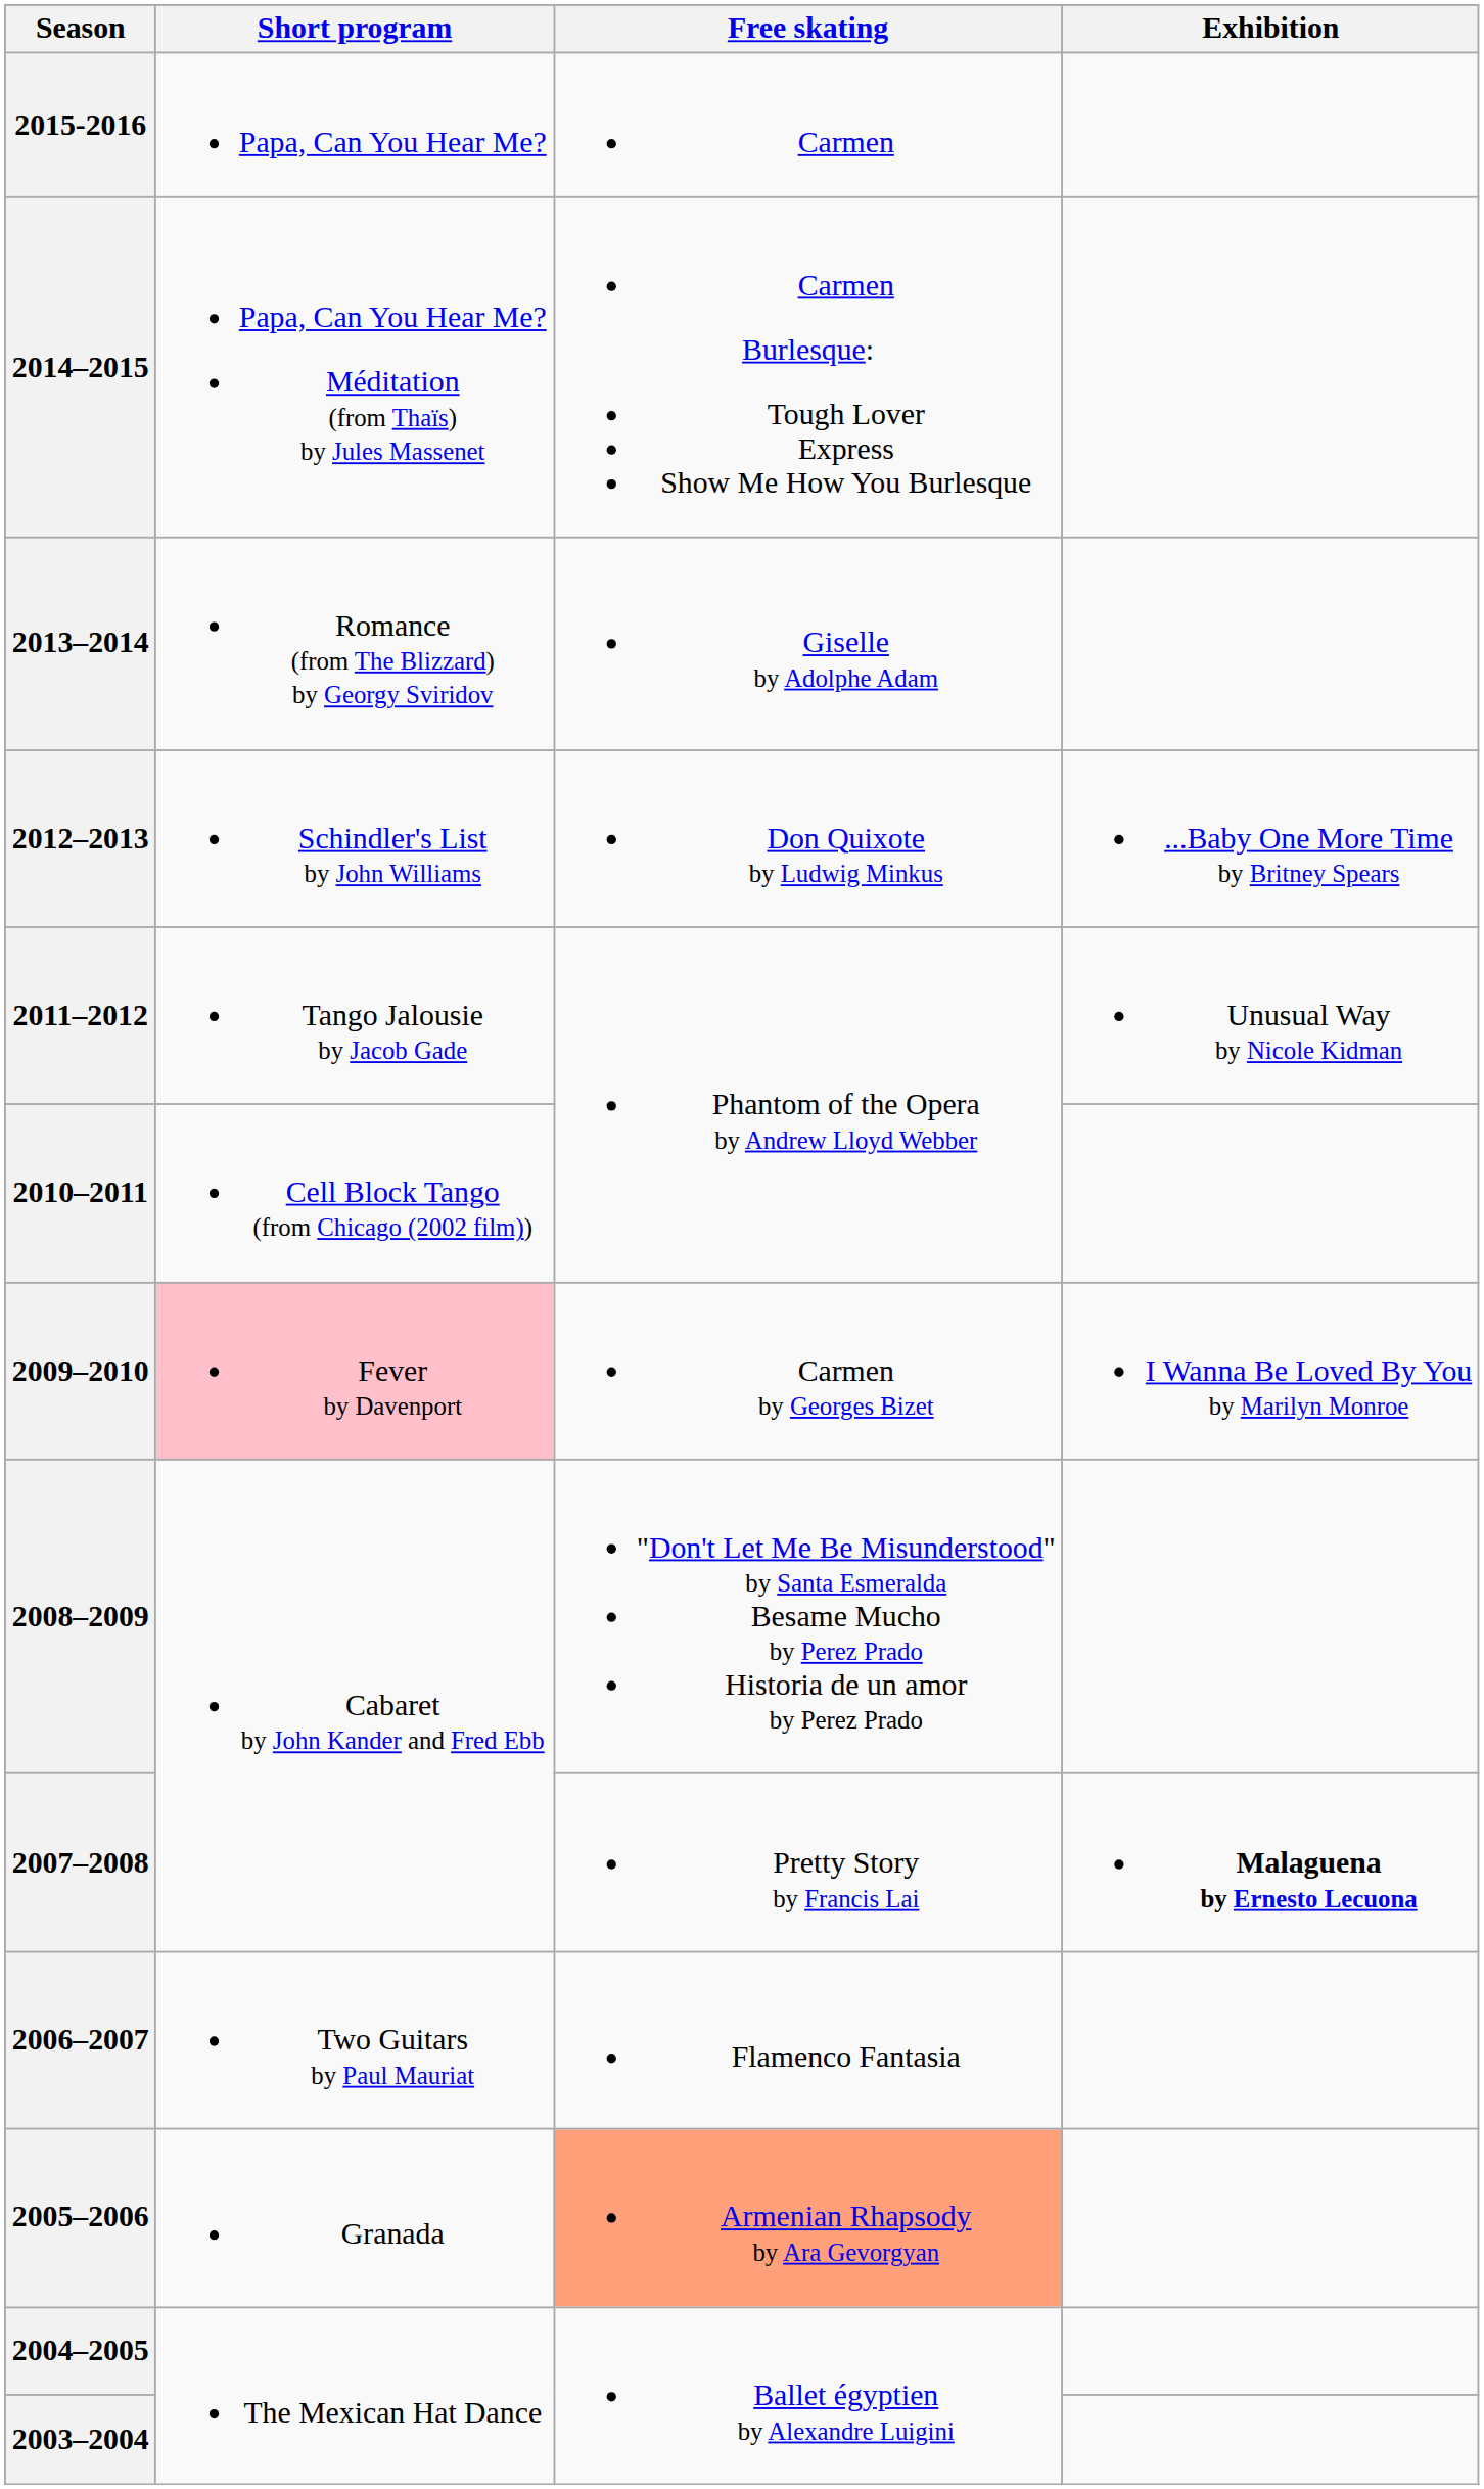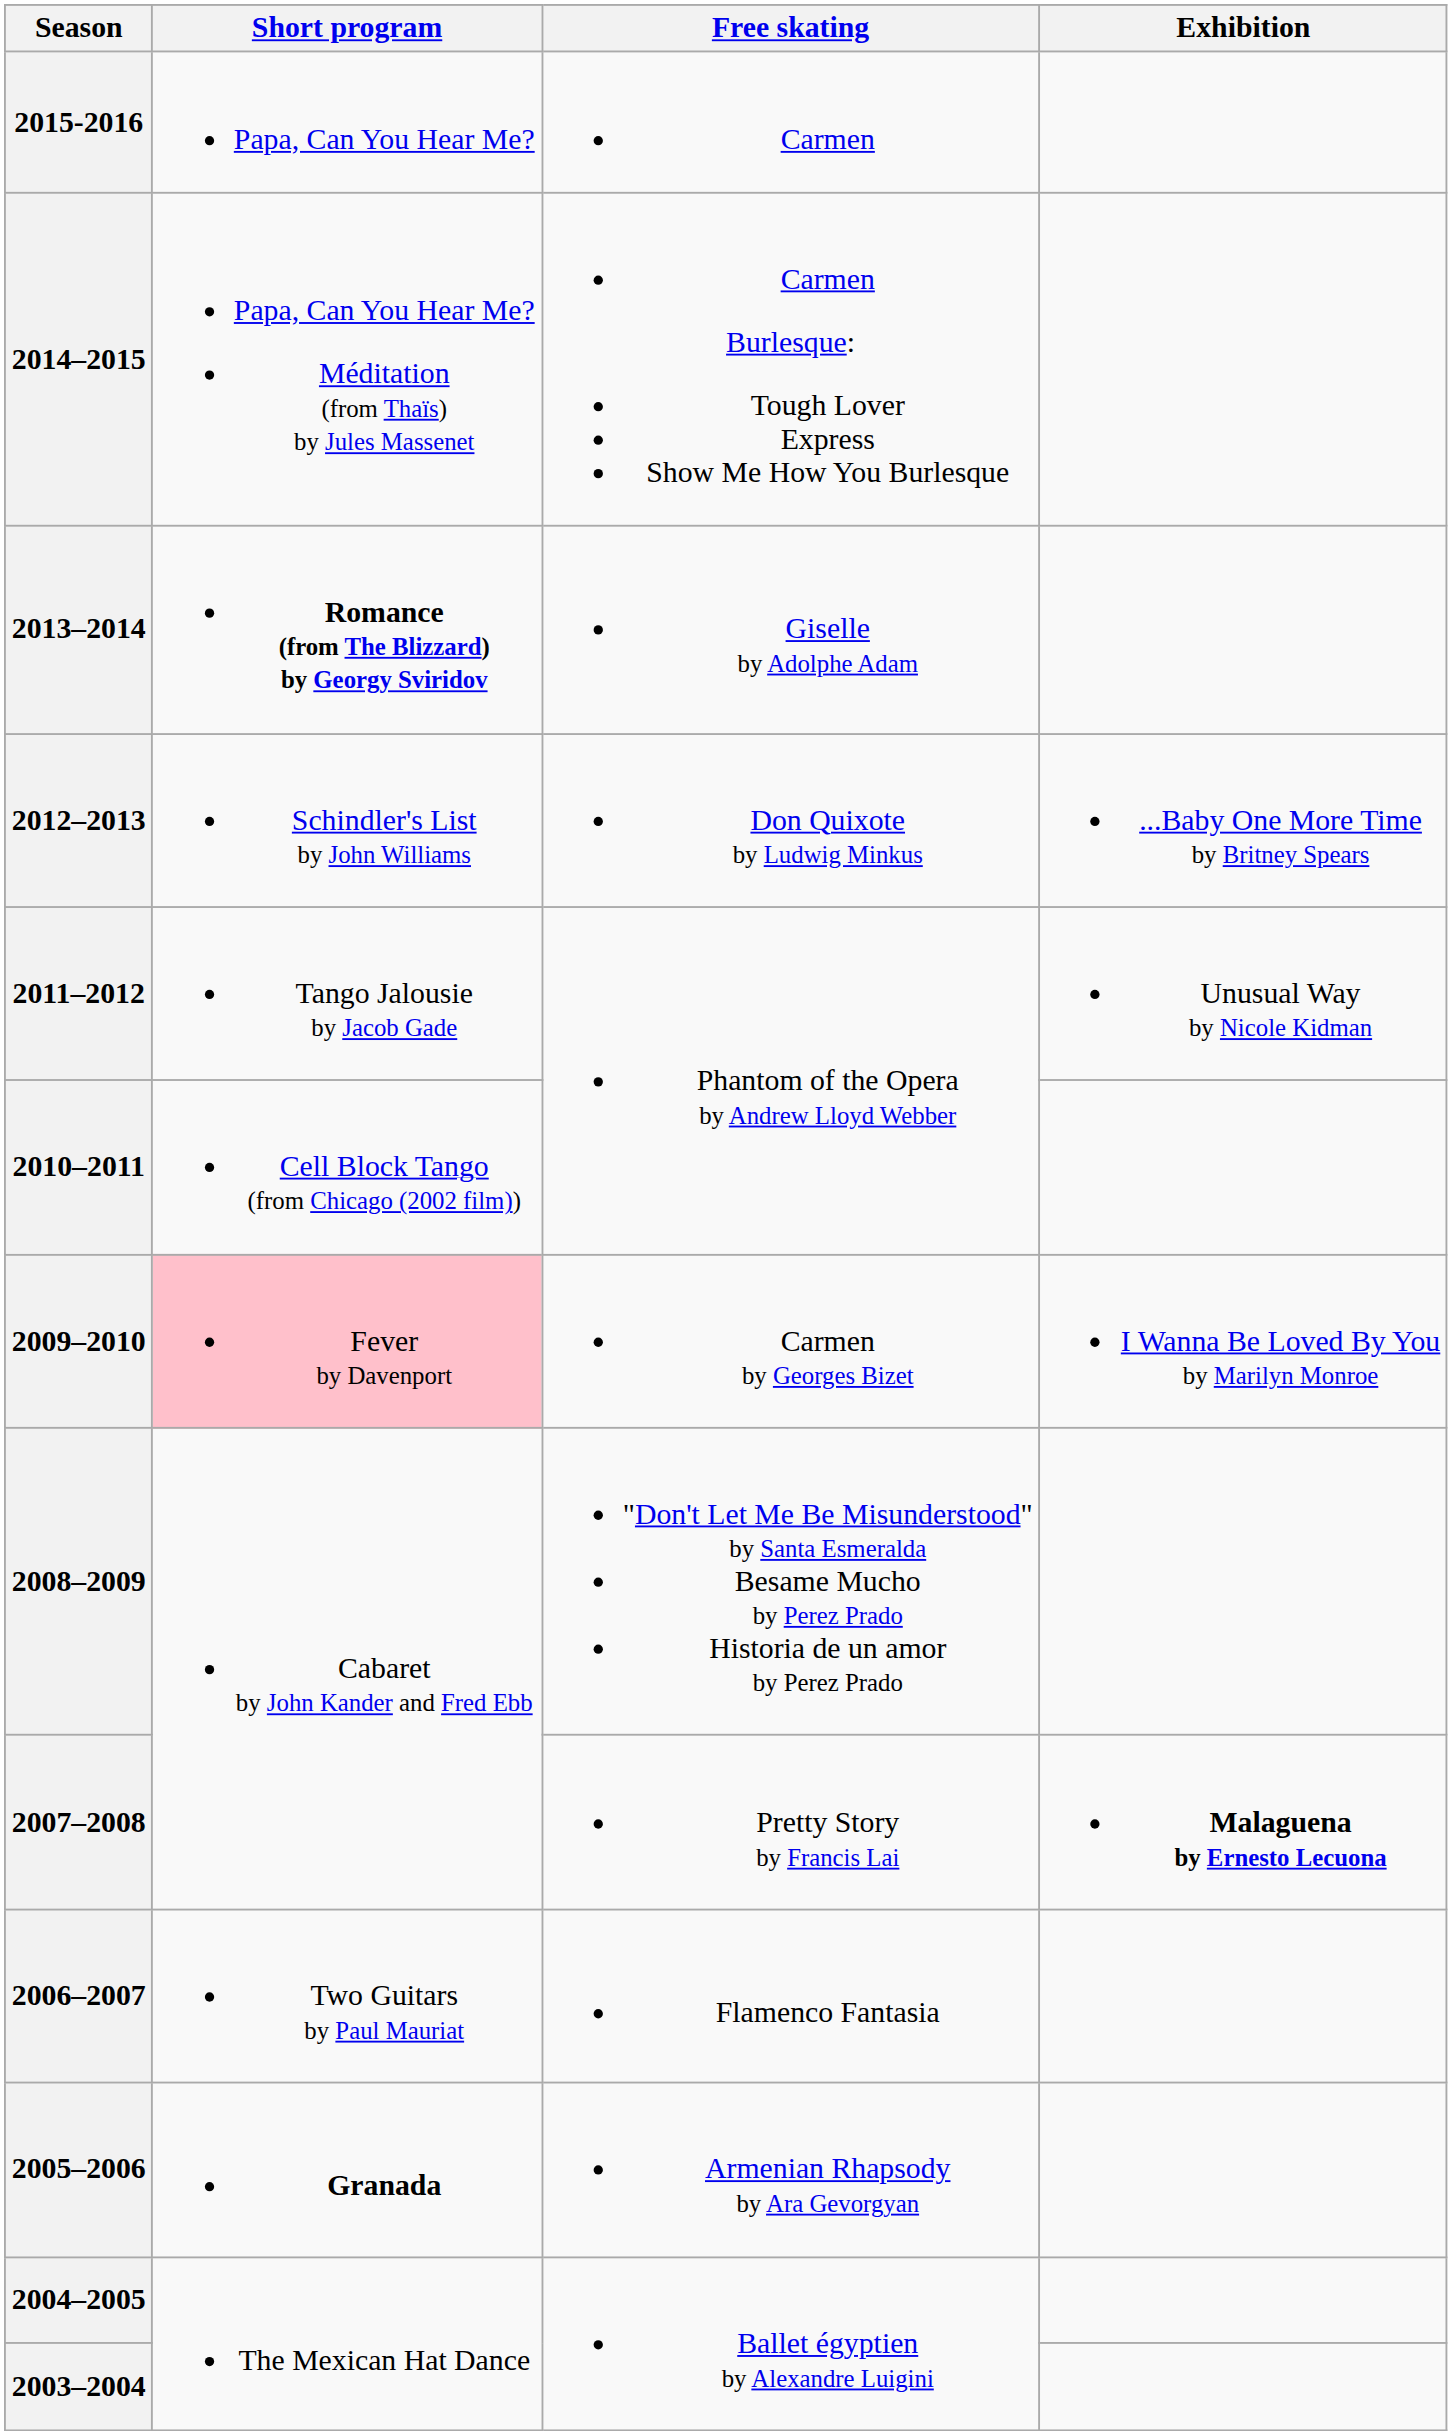 <table class="wikitable" style="text-align:center">
 <tr>
 <th>Season</th>
 <th><a href='#'>Short program</a></th>
 <th><a href='#'>Free skating</a></th>
 <th>Exhibition</th>
 </tr>
 <tr>
 <th>2015-2016 <br> </th>
 <td><br><ul><li><a href='#'>Papa, Can You Hear Me?</a> <br> </li></ul></td>
 <td><br><ul><li><a href='#'>Carmen</a> <br> </li></ul></td>
 <td></td>
 </tr>
 <tr>
 <th>2014–2015 <br> </th>
 <td><br><ul><li><a href='#'>Papa, Can You Hear Me?</a> <br> </li></ul><ul><li><a href='#'>Méditation</a> <br><small> (from <a href='#'>Thaïs</a>) <br> by <a href='#'>Jules Massenet</a> </small></li></ul></td>
 <td><br><ul><li><a href='#'>Carmen</a> <br> </li></ul><a href='#'>Burlesque</a>:<ul><li>Tough Lover</li><li>Express</li><li>Show Me How You Burlesque</li></ul></td>
 <td></td>
 </tr>
 <tr>
 <th>2013–2014 <br> </th>
-<td><br><ul><li>Romance <br><small> (from <a href='#'>The Blizzard</a>) <br> by <a href='#'>Georgy Sviridov</a> </small></li></ul></td>
+<td><strong><br><ul><li>Romance <br><small> (from <a href='#'>The Blizzard</a>) <br> by <a href='#'>Georgy Sviridov</a> </small></li></ul></strong></td>
 <td><br><ul><li><a href='#'>Giselle</a> <br><small> by <a href='#'>Adolphe Adam</a> </small></li></ul></td>
 <td></td>
 </tr>
 <tr>
 <th>2012–2013 <br> </th>
 <td><br><ul><li><a href='#'>Schindler's List</a> <br><small> by <a href='#'>John Williams</a> </small></li></ul></td>
 <td><br><ul><li><a href='#'>Don Quixote</a> <br><small> by <a href='#'>Ludwig Minkus</a> </small></li></ul></td>
 <td><br><ul><li><a href='#'>...Baby One More Time</a> <br><small> by <a href='#'>Britney Spears</a> </small></li></ul></td>
 </tr>
 <tr>
 <th>2011–2012 <br> </th>
 <td><br><ul><li>Tango Jalousie <br><small> by <a href='#'>Jacob Gade</a> </small></li></ul></td>
 <td rowspan=2><br><ul><li>Phantom of the Opera <br><small> by <a href='#'>Andrew Lloyd Webber</a> </small></li></ul></td>
 <td><br><ul><li>Unusual Way <br><small> by <a href='#'>Nicole Kidman</a> </small></li></ul></td>
 </tr>
 <tr>
 <th>2010–2011 <br> </th>
 <td><br><ul><li><a href='#'>Cell Block Tango</a> <br><small> (from <a href='#'>Chicago (2002 film)</a>) </small></li></ul></td>
 <td></td>
 </tr>
 <tr>
 <th>2009–2010 <br> </th>
 <td style="background: pink;"><br><ul><li>Fever <br><small> by Davenport </small></li></ul></td>
 <td><br><ul><li>Carmen <br><small> by <a href='#'>Georges Bizet</a> </small></li></ul></td>
 <td><br><ul><li><a href='#'>I Wanna Be Loved By You</a> <br><small> by <a href='#'>Marilyn Monroe</a> </small></li></ul></td>
 </tr>
 <tr>
 <th>2008–2009 <br> </th>
 <td rowspan=2><br><ul><li>Cabaret <br><small> by <a href='#'>John Kander</a> and <a href='#'>Fred Ebb</a> </small></li></ul></td>
 <td><br><ul><li>"<a href='#'>Don't Let Me Be Misunderstood</a>" <br><small> by <a href='#'>Santa Esmeralda</a> </small></li><li>Besame Mucho <br><small> by <a href='#'>Perez Prado</a> </small></li><li>Historia de un amor <br><small> by Perez Prado </small></li></ul></td>
 <td></td>
 </tr>
 <tr>
 <th>2007–2008 <br> </th>
 <td><br><ul><li>Pretty Story <br><small> by <a href='#'>Francis Lai</a> </small></li></ul></td>
 <td><strong><br><ul><li>Malaguena <br><small> by <a href='#'>Ernesto Lecuona</a> </small></li></ul></strong></td>
 </tr>
 <tr>
 <th>2006–2007 <br> </th>
 <td><br><ul><li>Two Guitars <br><small>by <a href='#'>Paul Mauriat</a> </small></li></ul></td>
 <td><br><ul><li>Flamenco Fantasia</li></ul></td>
 <td></td>
 </tr>
 <tr>
 <th>2005–2006 <br> </th>
-<td><br><ul><li>Granada</li></ul></td>
-<td style="background: lightsalmon;"><br><ul><li><a href='#'>Armenian Rhapsody</a> <br><small> by <a href='#'>Ara Gevorgyan</a> </small></li></ul></td>
+<td><strong><br><ul><li>Granada</li></ul></strong></td>
+<td><br><ul><li><a href='#'>Armenian Rhapsody</a> <br><small> by <a href='#'>Ara Gevorgyan</a> </small></li></ul></td>
 <td></td>
 </tr>
 <tr>
 <th>2004–2005 <br> </th>
 <td rowspan=2><br><ul><li>The Mexican Hat Dance</li></ul></td>
 <td rowspan=2><br><ul><li><a href='#'>Ballet égyptien</a> <br><small>by <a href='#'>Alexandre Luigini</a> </small></li></ul></td>
 <td></td>
 </tr>
 <tr>
 <th>2003–2004 <br> </th>
 <td></td>
 </tr>
 </table>
